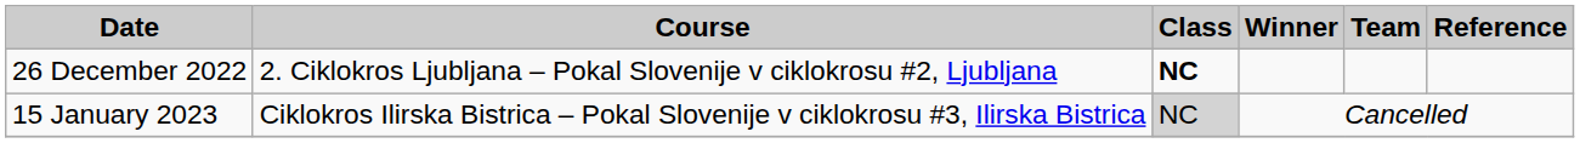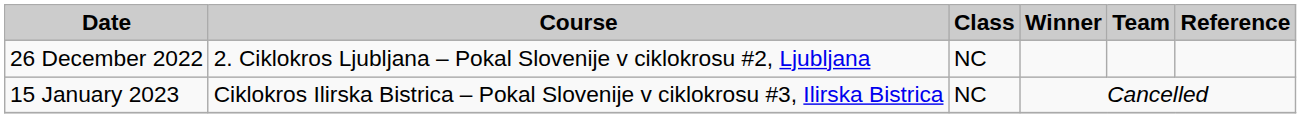 <table class="wikitable sortable alternance ">
 <tr>
 <th scope="col" style="background-color:#CCCCCC;">Date</th>
 <th scope="col" style="background-color:#CCCCCC;">Course</th>
 <th scope="col" style="background-color:#CCCCCC;">Class</th>
 <th scope="col" style="background-color:#CCCCCC;">Winner</th>
 <th scope="col" style="background-color:#CCCCCC;">Team</th>
 <th scope="col" style="background-color:#CCCCCC;">Reference</th>
 </tr>
 <tr>
 <td>26 December 2022</td>
 <td> 2. Ciklokros Ljubljana – Pokal Slovenije v ciklokrosu #2, <a href='#'>Ljubljana</a></td>
-<td><strong>NC</strong></td>
+<td>NC</td>
 <td></td>
 <td></td>
 <td></td>
 </tr>
 <tr>
 <td>15 January 2023</td>
 <td> Ciklokros Ilirska Bistrica – Pokal Slovenije v ciklokrosu #3, <a href='#'>Ilirska Bistrica</a></td>
-<td style="background: lightgrey;">NC</td>
+<td>NC</td>
 <td colspan="3" align="center"><em>Cancelled</em></td>
 </tr>
 <tr>
 </tr>
 </table>
